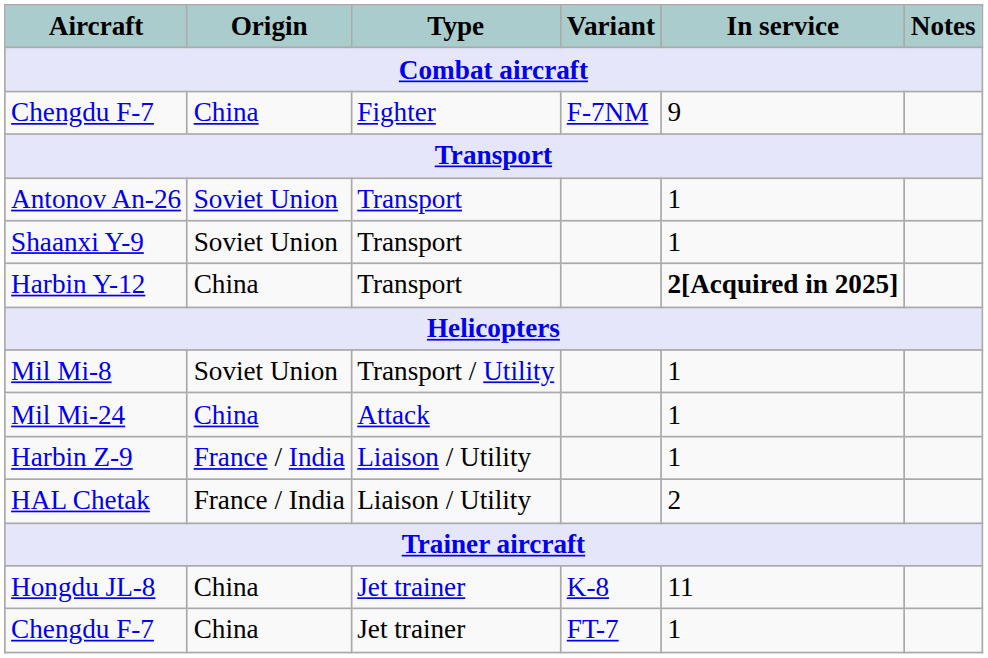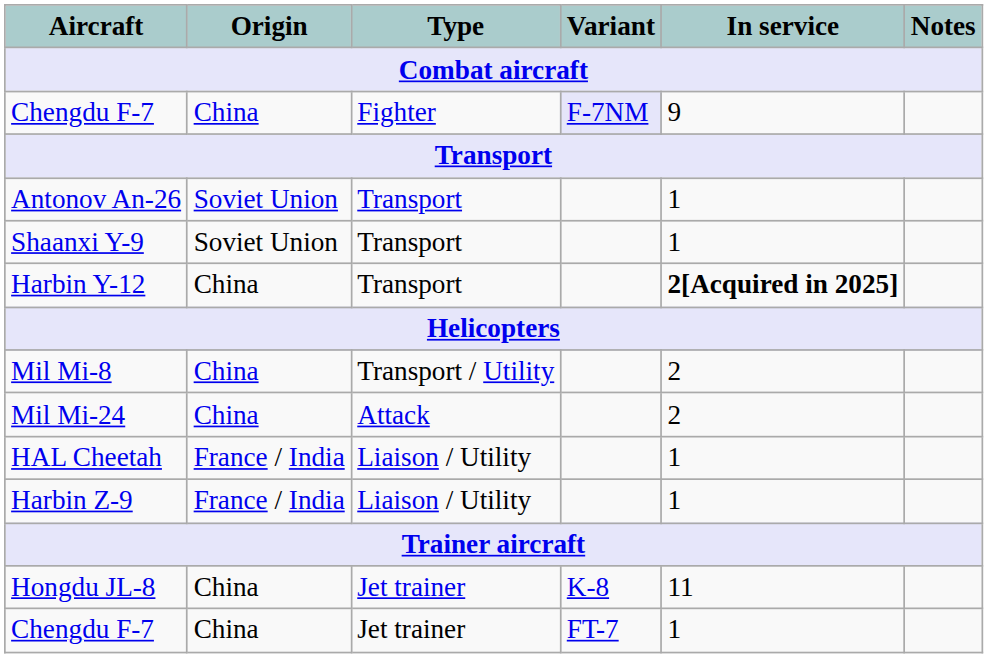 <table class="wikitable">
 <tr>
 <th style="text-align:center; background:#acc;">Aircraft</th>
 <th style="text-align: center; background:#acc;">Origin</th>
 <th style="text-align:l center; background:#acc;">Type</th>
 <th style="text-align:left; background:#acc;">Variant</th>
 <th style="text-align:center; background:#acc;">In service</th>
 <th style="text-align: center; background:#acc;">Notes</th>
 </tr>
 <tr>
 <th style="align: center; background: lavender;" colspan="6"><a href='#'>Combat aircraft</a></th>
 </tr>
 <tr>
 <td><a href='#'>Chengdu F-7</a></td>
 <td><a href='#'>China</a></td>
 <td><a href='#'>Fighter</a></td>
-<td><a href='#'>F-7NM</a></td>
+<td style="background: lavender;"><a href='#'>F-7NM</a></td>
 <td>9</td>
 <td></td>
 </tr>
 <tr>
 <th style="align: center; background: lavender;" colspan="6"><a href='#'>Transport</a></th>
 </tr>
 <tr>
 <td><a href='#'>Antonov An-26</a></td>
 <td><a href='#'>Soviet Union</a></td>
 <td><a href='#'>Transport</a></td>
 <td></td>
 <td>1</td>
 <td></td>
 </tr>
 <tr>
 <td><a href='#'>Shaanxi Y-9</a></td>
 <td>Soviet Union</td>
 <td>Transport</td>
 <td></td>
 <td>1</td>
 <td></td>
 </tr>
 <tr>
 <td><a href='#'>Harbin Y-12</a></td>
 <td>China</td>
 <td>Transport</td>
 <td></td>
 <td><strong>2[Acquired in 2025]</strong></td>
 <td></td>
 </tr>
 <tr>
 <th style="align: center; background: lavender;" colspan="6"><a href='#'>Helicopters</a></th>
 </tr>
 <tr>
 <td><a href='#'>Mil Mi-8</a></td>
-<td>Soviet Union</td>
+<td><a href='#'>China</a></td>
 <td>Transport / <a href='#'>Utility</a></td>
 <td></td>
-<td>1</td>
+<td>2</td>
 <td></td>
 </tr>
 <tr>
 <td><a href='#'>Mil Mi-24</a></td>
 <td><a href='#'>China</a></td>
 <td><a href='#'>Attack</a></td>
+<td></td>
+<td>2</td>
+<td></td>
+</tr>
+<tr>
+<td><a href='#'>HAL Cheetah</a></td>
+<td><a href='#'>France</a> / <a href='#'>India</a></td>
+<td><a href='#'>Liaison</a> / Utility</td>
 <td></td>
 <td>1</td>
 <td></td>
 </tr>
 <tr>
 <td><a href='#'>Harbin Z-9</a></td>
 <td><a href='#'>France</a> / <a href='#'>India</a></td>
 <td><a href='#'>Liaison</a> / Utility</td>
 <td></td>
 <td>1</td>
-<td></td>
-</tr>
-<tr>
-<td><a href='#'>HAL Chetak</a></td>
-<td>France / India</td>
-<td>Liaison / Utility</td>
-<td></td>
-<td>2</td>
 <td></td>
 </tr>
 <tr>
 <th style="align: center; background: lavender;" colspan="6"><a href='#'>Trainer aircraft</a></th>
 </tr>
 <tr>
 <td><a href='#'>Hongdu JL-8</a></td>
 <td>China</td>
 <td><a href='#'>Jet trainer</a></td>
 <td><a href='#'>K-8</a></td>
 <td>11</td>
 <td></td>
 </tr>
 <tr>
 <td><a href='#'>Chengdu F-7</a></td>
 <td>China</td>
 <td>Jet trainer</td>
 <td><a href='#'>FT-7</a></td>
 <td>1</td>
 <td></td>
 </tr>
 </table>
